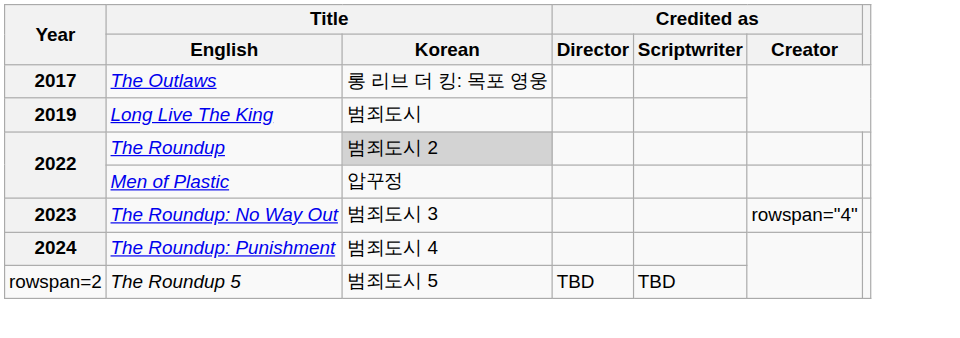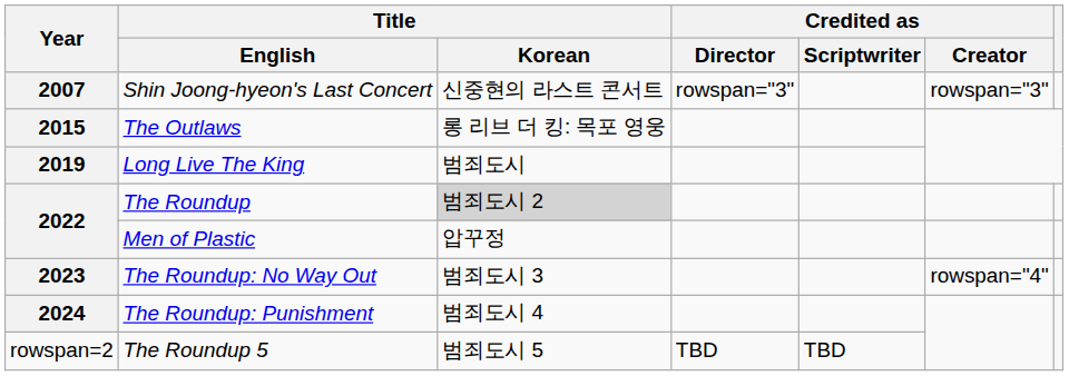 <table class="wikitable sortable plainrowheaders">
 <tr>
 <th rowspan="2" scope="col">Year</th>
 <th colspan="2" scope="col">Title</th>
 <th colspan="3">Credited as</th>
 <th rowspan="2" scope="col" class="unsortable"></th>
 </tr>
 <tr>
 <th>English</th>
 <th>Korean</th>
 <th>Director</th>
 <th>Scriptwriter</th>
 <th>Creator</th>
 </tr>
 <tr>
-<th scope="row">2017</th>
+<th scope="row">2007</th>
+<td><em>Shin Joong-hyeon's Last Concert</em></td>
+<td>신중현의 라스트 콘서트</td>
+<td>rowspan="3" </td>
+<td></td>
+<td>rowspan="3" </td>
+<td></td>
+</tr>
+<tr>
+<th scope="row">2015</th>
 <td><em><a href='#'>The Outlaws</a></em></td>
 <td>롱 리브 더 킹: 목포 영웅</td>
 <td></td>
 <td></td>
 </tr>
 <tr>
 <th scope="row">2019</th>
 <td><em><a href='#'>Long Live The King</a></em></td>
 <td>범죄도시</td>
 <td></td>
 <td></td>
 </tr>
 <tr>
 <th rowspan="2" scope="row">2022</th>
 <td><em><a href='#'>The Roundup</a></em></td>
 <td style="background: lightgrey;">범죄도시 2</td>
 <td></td>
 <td></td>
 <td></td>
 <td></td>
 </tr>
 <tr>
 <td><em><a href='#'>Men of Plastic</a></em></td>
 <td>압꾸정</td>
 <td></td>
 <td></td>
 <td></td>
 <td></td>
 </tr>
 <tr>
 <th scope="row">2023</th>
 <td><em><a href='#'>The Roundup: No Way Out</a></em></td>
 <td>범죄도시 3</td>
 <td></td>
 <td></td>
 <td>rowspan="4" </td>
 <td></td>
 </tr>
 <tr>
 <th scope="row">2024</th>
 <td><em><a href='#'>The Roundup: Punishment</a></em></td>
 <td>범죄도시 4</td>
 <td></td>
 <td></td>
 <td rowspan="2"></td>
 </tr>
 <tr>
 <td>rowspan=2 </td>
 <td><em>The Roundup 5</em></td>
 <td>범죄도시 5</td>
 <td>TBD</td>
 <td>TBD</td>
 </tr>
 </table>
